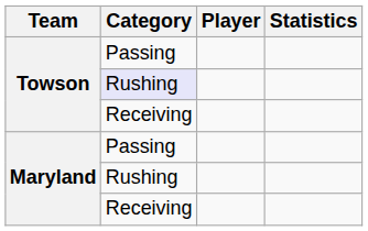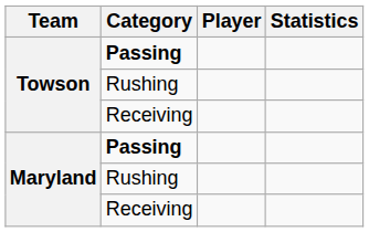 <table class="wikitable" style="float:right">
 <tr>
 <th>Team</th>
 <th>Category</th>
 <th>Player</th>
 <th>Statistics</th>
 </tr>
 <tr>
 <th rowspan=3>Towson</th>
-<td>Passing</td>
+<td><strong>Passing</strong></td>
 <td></td>
 <td></td>
 </tr>
 <tr>
-<td style="background: lavender;">Rushing</td>
+<td>Rushing</td>
 <td></td>
 <td></td>
 </tr>
 <tr>
 <td>Receiving</td>
 <td></td>
 <td></td>
 </tr>
 <tr>
 <th rowspan=3>Maryland</th>
-<td>Passing</td>
+<td><strong>Passing</strong></td>
 <td></td>
 <td></td>
 </tr>
 <tr>
 <td>Rushing</td>
 <td></td>
 <td></td>
 </tr>
 <tr>
 <td>Receiving</td>
 <td></td>
 <td></td>
 </tr>
 </table>
